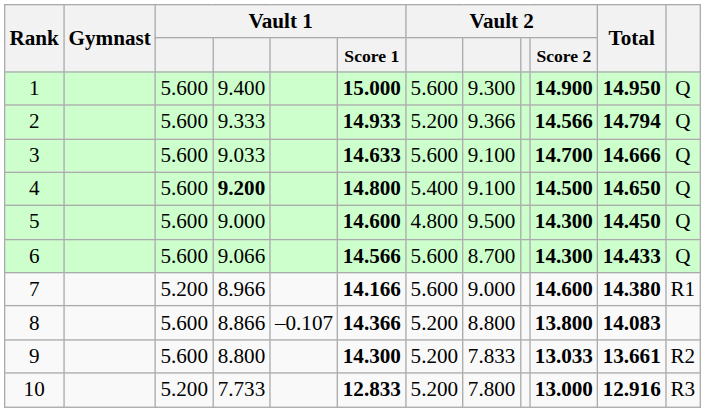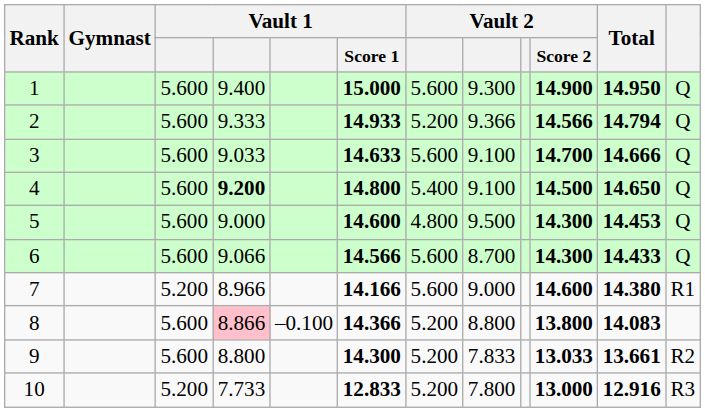 <table class="wikitable sortable" style="text-align:center">
 <tr>
 <th rowspan=2>Rank</th>
 <th rowspan=2>Gymnast</th>
 <th colspan=4>Vault 1</th>
 <th colspan=4>Vault 2</th>
 <th rowspan=2>Total</th>
 <th rowspan=2><small></small></th>
 </tr>
 <tr>
 <th><small></small></th>
 <th><small></small></th>
 <th><small></small></th>
 <th><small>Score 1</small></th>
 <th><small></small></th>
 <th><small></small></th>
 <th><small></small></th>
 <th><small>Score 2</small></th>
 </tr>
 <tr bgcolor=ccffcc>
 <td>1</td>
 <td align=left></td>
 <td>5.600</td>
 <td>9.400</td>
 <td></td>
 <td><strong>15.000</strong></td>
 <td>5.600</td>
 <td>9.300</td>
 <td></td>
 <td><strong>14.900</strong></td>
 <td><strong>14.950</strong></td>
 <td>Q</td>
 </tr>
 <tr bgcolor=ccffcc>
 <td>2</td>
 <td align=left></td>
 <td>5.600</td>
 <td>9.333</td>
 <td></td>
 <td><strong>14.933</strong></td>
 <td>5.200</td>
 <td>9.366</td>
 <td></td>
 <td><strong>14.566</strong></td>
 <td><strong>14.794</strong></td>
 <td>Q</td>
 </tr>
 <tr bgcolor=ccffcc>
 <td>3</td>
 <td align=left></td>
 <td>5.600</td>
 <td>9.033</td>
 <td></td>
 <td><strong>14.633</strong></td>
 <td>5.600</td>
 <td>9.100</td>
 <td></td>
 <td><strong>14.700</strong></td>
 <td><strong>14.666</strong></td>
 <td>Q</td>
 </tr>
 <tr bgcolor=ccffcc>
 <td>4</td>
 <td align=left></td>
 <td>5.600</td>
 <td><strong>9.200</strong></td>
 <td></td>
 <td><strong>14.800</strong></td>
 <td>5.400</td>
 <td>9.100</td>
 <td></td>
 <td><strong>14.500</strong></td>
 <td><strong>14.650</strong></td>
 <td>Q</td>
 </tr>
 <tr bgcolor=ccffcc>
 <td>5</td>
 <td align=left></td>
 <td>5.600</td>
 <td>9.000</td>
 <td></td>
 <td><strong>14.600</strong></td>
 <td>4.800</td>
 <td>9.500</td>
 <td></td>
 <td><strong>14.300</strong></td>
-<td><strong>14.450</strong></td>
+<td><strong>14.453</strong></td>
 <td>Q</td>
 </tr>
 <tr bgcolor=ccffcc>
 <td>6</td>
 <td align=left></td>
 <td>5.600</td>
 <td>9.066</td>
 <td></td>
 <td><strong>14.566</strong></td>
 <td>5.600</td>
 <td>8.700</td>
 <td></td>
 <td><strong>14.300</strong></td>
 <td><strong>14.433</strong></td>
 <td>Q</td>
 </tr>
 <tr>
 <td>7</td>
 <td align=left></td>
 <td>5.200</td>
 <td>8.966</td>
 <td></td>
 <td><strong>14.166</strong></td>
 <td>5.600</td>
 <td>9.000</td>
 <td></td>
 <td><strong>14.600</strong></td>
 <td><strong>14.380</strong></td>
 <td>R1</td>
 </tr>
 <tr>
 <td>8</td>
 <td align=left></td>
 <td>5.600</td>
-<td>8.866</td>
-<td>–0.107</td>
+<td style="background: pink;">8.866</td>
+<td>–0.100</td>
 <td><strong>14.366</strong></td>
 <td>5.200</td>
 <td>8.800</td>
 <td></td>
 <td><strong>13.800</strong></td>
 <td><strong>14.083</strong></td>
 <td></td>
 </tr>
 <tr>
 <td>9</td>
 <td align=left></td>
 <td>5.600</td>
 <td>8.800</td>
 <td></td>
 <td><strong>14.300</strong></td>
 <td>5.200</td>
 <td>7.833</td>
 <td></td>
 <td><strong>13.033</strong></td>
 <td><strong>13.661</strong></td>
 <td>R2</td>
 </tr>
 <tr>
 <td>10</td>
 <td align=left></td>
 <td>5.200</td>
 <td>7.733</td>
 <td></td>
 <td><strong>12.833</strong></td>
 <td>5.200</td>
 <td>7.800</td>
 <td></td>
 <td><strong>13.000</strong></td>
 <td><strong>12.916</strong></td>
 <td>R3</td>
 </tr>
 </table>
